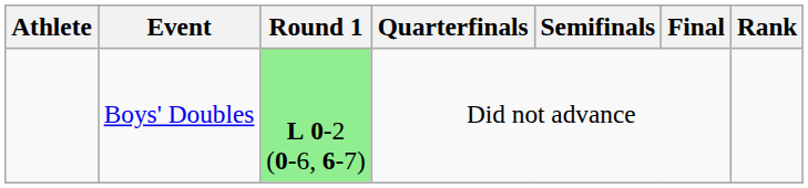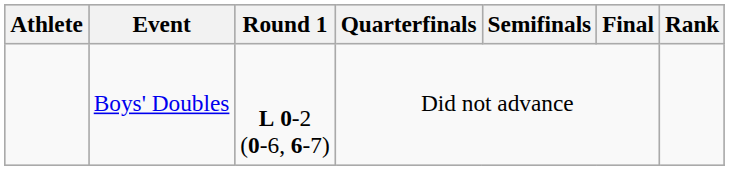 <table class=wikitable style="font-size:90%">
 <tr>
 <th>Athlete</th>
 <th>Event</th>
 <th>Round 1</th>
 <th>Quarterfinals</th>
 <th>Semifinals</th>
 <th>Final</th>
 <th>Rank</th>
 </tr>
 <tr>
 <td> <br></td>
 <td><a href='#'>Boys' Doubles</a></td>
-<td align=center style="background: lightgreen;"><br><br><strong>L</strong> <strong>0</strong>-2<br> (<strong>0</strong>-6, <strong>6</strong>-7)</td>
+<td align=center><br><br><strong>L</strong> <strong>0</strong>-2<br> (<strong>0</strong>-6, <strong>6</strong>-7)</td>
 <td colspan="3" style="text-align:center;">Did not advance</td>
 <td align=center></td>
 </tr>
 </table>
